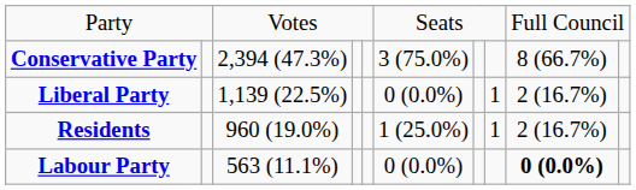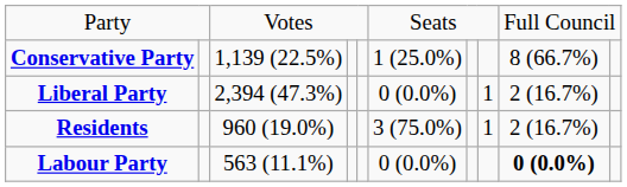 <table class=wikitable style="text-align:center;">
 <tr>
 <td colspan=2>Party</td>
 <td colspan=3>Votes</td>
 <td colspan=3>Seats</td>
 <td colspan=3>Full Council</td>
 </tr>
 <tr>
 <td><strong><a href='#'>Conservative Party</a></strong></td>
 <td style="background:"></td>
-<td>2,394 (47.3%)</td>
+<td>1,139 (22.5%)</td>
 <td></td>
 <td></td>
-<td>3 (75.0%)</td>
+<td>1 (25.0%)</td>
 <td></td>
 <td></td>
 <td>8 (66.7%)</td>
 <td></td>
 </tr>
 <tr>
 <td><strong><a href='#'>Liberal Party</a></strong></td>
 <td style="background:"></td>
-<td>1,139 (22.5%)</td>
+<td>2,394 (47.3%)</td>
 <td></td>
 <td></td>
 <td>0 (0.0%)</td>
 <td></td>
 <td> 1</td>
 <td>2 (16.7%)</td>
 <td></td>
 </tr>
 <tr>
 <td><strong><a href='#'>Residents</a></strong></td>
 <td style="background:"></td>
 <td>960 (19.0%)</td>
 <td></td>
 <td></td>
-<td>1 (25.0%)</td>
+<td>3 (75.0%)</td>
 <td></td>
 <td> 1</td>
 <td>2 (16.7%)</td>
 <td></td>
 </tr>
 <tr>
 <td><strong><a href='#'>Labour Party</a></strong></td>
 <td style="background:"></td>
 <td>563 (11.1%)</td>
 <td></td>
 <td></td>
 <td>0 (0.0%)</td>
 <td></td>
 <td></td>
 <td><strong>0 (0.0%)</strong></td>
 <td></td>
 </tr>
 </table>
